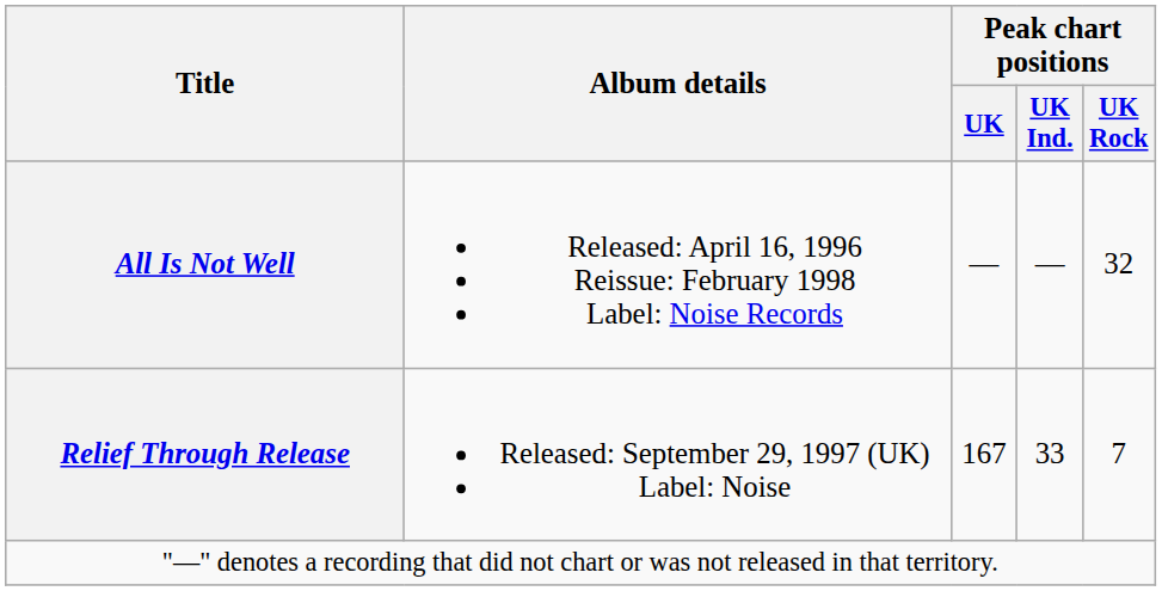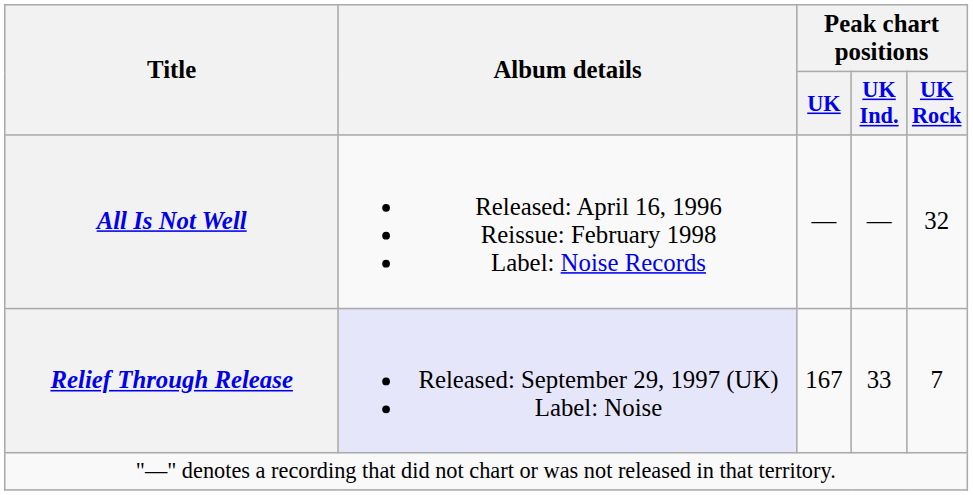 <table class="wikitable plainrowheaders" style="text-align:center;" border="1">
 <tr>
 <th rowspan="2" scope="col" style="width:13em;">Title</th>
 <th rowspan="2" scope="col" style="width:18em;">Album details</th>
 <th colspan="3" scope="col">Peak chart positions</th>
 </tr>
 <tr>
 <th scope="col" style="width:2em;font-size:90%;"><a href='#'>UK</a><br></th>
 <th scope="col" style="width:2em;font-size:90%;"><a href='#'>UK<br>Ind.</a><br></th>
 <th scope="col" style="width:2em;font-size:90%;"><a href='#'>UK<br>Rock</a><br></th>
 </tr>
 <tr>
 <th scope="row"><em><a href='#'>All Is Not Well</a></em></th>
 <td><br><ul><li>Released: April 16, 1996</li><li>Reissue: February 1998</li><li>Label: <a href='#'>Noise Records</a></li></ul></td>
 <td>—</td>
 <td>—</td>
 <td>32</td>
 </tr>
 <tr>
 <th scope="row"><em><a href='#'>Relief Through Release</a></em></th>
-<td><br><ul><li>Released: September 29, 1997 (UK)</li><li>Label: Noise</li></ul></td>
+<td style="background: lavender;"><br><ul><li>Released: September 29, 1997 (UK)</li><li>Label: Noise</li></ul></td>
 <td>167</td>
 <td>33</td>
 <td>7</td>
 </tr>
 <tr>
 <td colspan="5" style="font-size:90%">"—" denotes a recording that did not chart or was not released in that territory.</td>
 </tr>
 </table>
